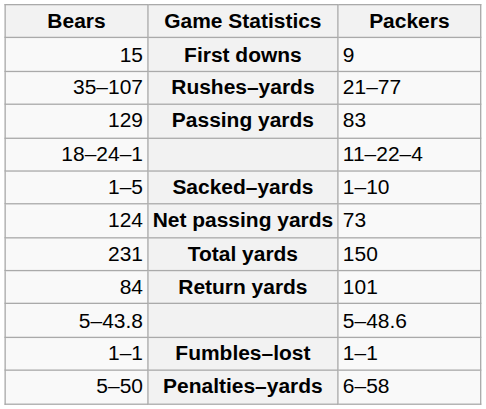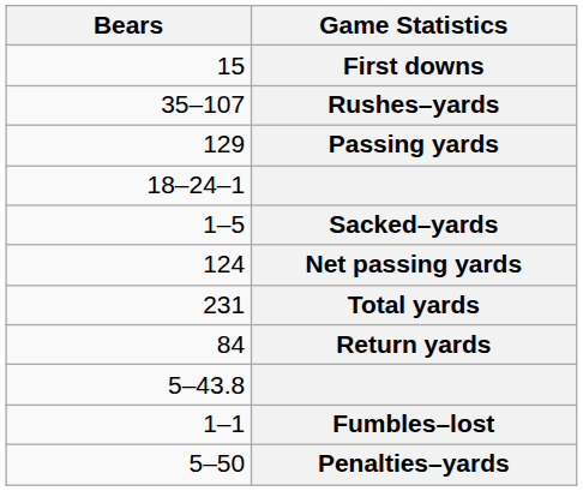 <table class="wikitable" style="margin: 1em auto 1em auto">
 <tr>
 <th style="width:30%;">Bears</th>
 <th style="width:40%;">Game Statistics</th>
-<th style="width:30%;">Packers</th>
 </tr>
 <tr>
 <td style="text-align:right;">15</td>
 <th>First downs</th>
-<td>9</td>
 </tr>
 <tr>
 <td style="text-align:right;">35–107</td>
 <th>Rushes–yards</th>
-<td>21–77</td>
 </tr>
 <tr>
 <td style="text-align:right;">129</td>
 <th>Passing yards</th>
-<td>83</td>
 </tr>
 <tr>
 <td style="text-align:right;">18–24–1</td>
 <th></th>
-<td>11–22–4</td>
 </tr>
 <tr>
 <td style="text-align:right;">1–5</td>
 <th>Sacked–yards</th>
-<td>1–10</td>
 </tr>
 <tr>
 <td style="text-align:right;">124</td>
 <th>Net passing yards</th>
-<td>73</td>
 </tr>
 <tr>
 <td style="text-align:right;">231</td>
 <th>Total yards</th>
-<td>150</td>
 </tr>
 <tr>
 <td style="text-align:right;">84</td>
 <th>Return yards</th>
-<td>101</td>
 </tr>
 <tr>
 <td style="text-align:right;">5–43.8</td>
 <th></th>
-<td>5–48.6</td>
 </tr>
 <tr>
 <td style="text-align:right;">1–1</td>
 <th>Fumbles–lost</th>
-<td>1–1</td>
 </tr>
 <tr>
 <td style="text-align:right;">5–50</td>
 <th>Penalties–yards</th>
-<td>6–58</td>
 </tr>
 </table>
